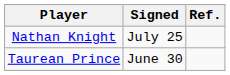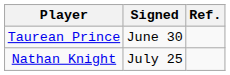 <table class="wikitable sortable sortable" style="text-align: center">
 <tr>
 <th>Player</th>
 <th>Signed</th>
 <th>Ref.</th>
 </tr>
 <tr>
+<td><a href='#'>Taurean Prince</a></td>
+<td>June 30</td>
+<td></td>
+</tr>
+<tr>
 <td><a href='#'>Nathan Knight</a></td>
 <td>July 25</td>
 <td></td>
 </tr>
-<tr>
-<td><a href='#'>Taurean Prince</a></td>
-<td>June 30</td>
-<td></td>
-</tr>
 </table>
